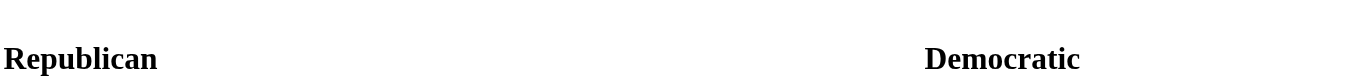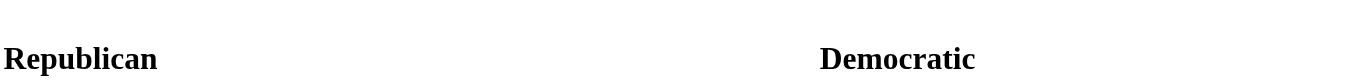 <table style="width:70%; text-align:center">
 <tr style="color:white">
 <td style="background:"><strong>179</strong></td>
+<td style="background:"><strong>152</strong></td>
 <td style="background:"><strong>1</strong></td>
-<td style="background:"><strong>152</strong></td>
 </tr>
 <tr>
 <td><span><strong>Republican</strong></span></td>
+<td><span><strong>Democratic</strong></span></td>
 <td></td>
-<td><span><strong>Democratic</strong></span></td>
 </tr>
 </table>
